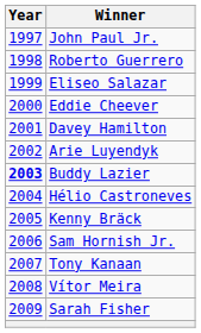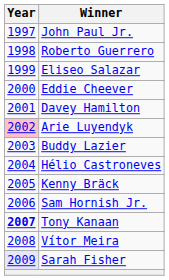 <table class="wikitable" style="font-size: 95%;">
 <tr>
 <th>Year</th>
 <th>Winner</th>
 </tr>
 <tr>
 <td><a href='#'>1997</a></td>
 <td><a href='#'>John Paul Jr.</a></td>
 </tr>
 <tr>
 <td><a href='#'>1998</a></td>
 <td><a href='#'>Roberto Guerrero</a></td>
 </tr>
 <tr>
 <td><a href='#'>1999</a></td>
 <td><a href='#'>Eliseo Salazar</a></td>
 </tr>
 <tr>
 <td><a href='#'>2000</a></td>
 <td><a href='#'>Eddie Cheever</a></td>
 </tr>
 <tr>
 <td><a href='#'>2001</a></td>
 <td><a href='#'>Davey Hamilton</a></td>
 </tr>
 <tr>
-<td><a href='#'>2002</a></td>
+<td style="background: pink;"><a href='#'>2002</a></td>
 <td><a href='#'>Arie Luyendyk</a></td>
 </tr>
 <tr>
-<td><strong><a href='#'>2003</a></strong></td>
+<td><a href='#'>2003</a></td>
 <td><a href='#'>Buddy Lazier</a></td>
 </tr>
 <tr>
 <td><a href='#'>2004</a></td>
 <td><a href='#'>Hélio Castroneves</a></td>
 </tr>
 <tr>
 <td><a href='#'>2005</a></td>
 <td><a href='#'>Kenny Bräck</a></td>
 </tr>
 <tr>
 <td><a href='#'>2006</a></td>
 <td><a href='#'>Sam Hornish Jr.</a></td>
 </tr>
 <tr>
-<td><a href='#'>2007</a></td>
+<td><strong><a href='#'>2007</a></strong></td>
 <td><a href='#'>Tony Kanaan</a></td>
 </tr>
 <tr>
 <td><a href='#'>2008</a></td>
 <td><a href='#'>Vítor Meira</a></td>
 </tr>
 <tr>
-<td><a href='#'>2009</a></td>
+<td style="background: lavender;"><a href='#'>2009</a></td>
 <td><a href='#'>Sarah Fisher</a></td>
 </tr>
 <tr>
 <th colspan="2"></th>
 </tr>
 </table>
